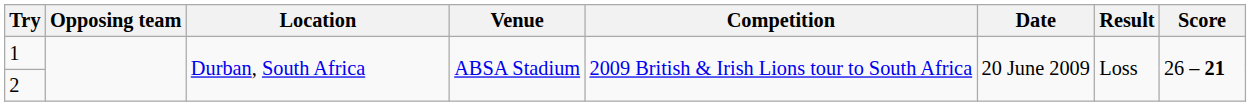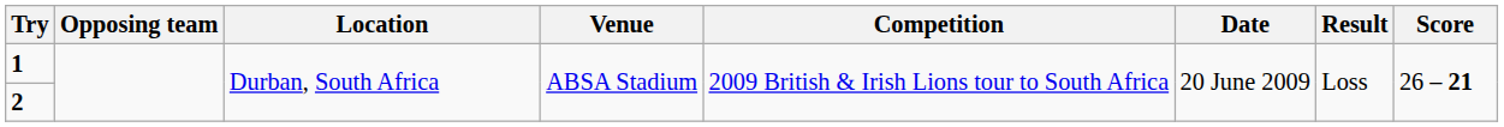 <table class="wikitable" style="font-size:100%">
 <tr>
 <th>Try</th>
 <th>Opposing team</th>
 <th scope="col" style="min-width: 200px; max-width: 1000px;">Location</th>
 <th>Venue</th>
 <th>Competition</th>
 <th>Date</th>
 <th>Result</th>
 <th scope="col" style="min-width: 60px; max-width: 300px;">Score</th>
 </tr>
 <tr>
-<td>1</td>
+<td><strong>1</strong></td>
 <td rowspan="2"></td>
 <td rowspan="2"><a href='#'>Durban</a>, <a href='#'>South Africa</a></td>
 <td rowspan="2"><a href='#'>ABSA Stadium</a></td>
 <td rowspan="2"><a href='#'>2009 British & Irish Lions tour to South Africa</a></td>
 <td rowspan="2">20 June 2009</td>
 <td rowspan="2">Loss</td>
 <td rowspan="2">26 – <strong>21</strong></td>
 </tr>
 <tr>
-<td>2</td>
+<td><strong>2</strong></td>
 </tr>
 </table>
